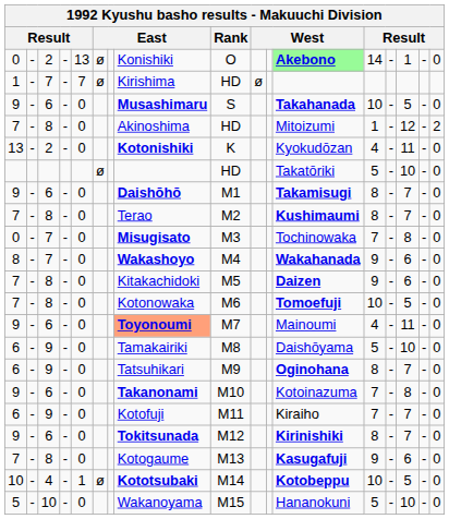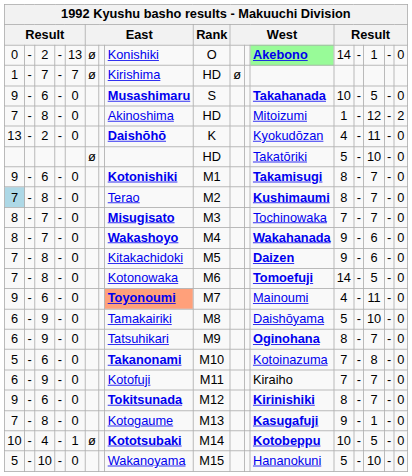 <table class="wikitable">
 <tr>
 <th colspan="17">1992 Kyushu basho results - Makuuchi Division</th>
 </tr>
 <tr>
 <th colspan="5">Result</th>
 <th colspan="3">East</th>
 <th>Rank</th>
 <th colspan="3">West</th>
 <th colspan="5">Result</th>
 </tr>
 <tr>
 <td align=center>0</td>
 <td align=center>-</td>
 <td align=center>2</td>
 <td align=center>-</td>
 <td align=center>13</td>
 <td align=center>ø</td>
 <td align=center></td>
 <td><a href='#'>Konishiki</a></td>
 <td align=center>O</td>
 <td align=center></td>
 <td align=center></td>
 <td style="background: PaleGreen;"><strong><a href='#'>Akebono</a></strong></td>
 <td align=center>14</td>
 <td align=center>-</td>
 <td align=center>1</td>
 <td align=center>-</td>
 <td align=center>0</td>
 </tr>
 <tr>
 <td align=center>1</td>
 <td align=center>-</td>
 <td align=center>7</td>
 <td align=center>-</td>
 <td align=center>7</td>
 <td align=center>ø</td>
 <td align=center></td>
 <td><a href='#'>Kirishima</a></td>
 <td align=center>HD</td>
 <td align=center>ø</td>
 <td align=center></td>
 <td></td>
 <td align=center></td>
 <td align=center></td>
 <td align=center></td>
 <td align=center></td>
 <td align=center></td>
 </tr>
 <tr>
 <td align=center>9</td>
 <td align=center>-</td>
 <td align=center>6</td>
 <td align=center>-</td>
 <td align=center>0</td>
 <td align=center></td>
 <td align=center></td>
 <td><strong><a href='#'>Musashimaru</a></strong></td>
 <td align=center>S</td>
 <td align=center></td>
 <td align=center></td>
 <td><strong><a href='#'>Takahanada</a></strong></td>
 <td align=center>10</td>
 <td align=center>-</td>
 <td align=center>5</td>
 <td align=center>-</td>
 <td align=center>0</td>
 </tr>
 <tr>
 <td align=center>7</td>
 <td align=center>-</td>
 <td align=center>8</td>
 <td align=center>-</td>
 <td align=center>0</td>
 <td align=center></td>
 <td align=center></td>
 <td><a href='#'>Akinoshima</a></td>
 <td align=center>HD</td>
 <td align=center></td>
 <td align=center></td>
 <td><a href='#'>Mitoizumi</a></td>
 <td align=center>1</td>
 <td align=center>-</td>
 <td align=center>12</td>
 <td align=center>-</td>
 <td align=center>2</td>
 </tr>
 <tr>
 <td align=center>13</td>
 <td align=center>-</td>
 <td align=center>2</td>
 <td align=center>-</td>
 <td align=center>0</td>
 <td align=center></td>
 <td align=center></td>
-<td><strong><a href='#'>Kotonishiki</a></strong></td>
+<td><strong><a href='#'>Daishōhō</a></strong></td>
 <td align=center>K</td>
 <td align=center></td>
 <td align=center></td>
 <td><a href='#'>Kyokudōzan</a></td>
 <td align=center>4</td>
 <td align=center>-</td>
 <td align=center>11</td>
 <td align=center>-</td>
 <td align=center>0</td>
 </tr>
 <tr>
 <td align=center></td>
 <td align=center></td>
 <td align=center></td>
 <td align=center></td>
 <td align=center></td>
 <td align=center>ø</td>
 <td align=center></td>
 <td></td>
 <td align=center>HD</td>
 <td align=center></td>
 <td align=center></td>
 <td><a href='#'>Takatōriki</a></td>
 <td align=center>5</td>
 <td align=center>-</td>
 <td align=center>10</td>
 <td align=center>-</td>
 <td align=center>0</td>
 </tr>
 <tr>
 <td align=center>9</td>
 <td align=center>-</td>
 <td align=center>6</td>
 <td align=center>-</td>
 <td align=center>0</td>
 <td align=center></td>
 <td align=center></td>
-<td><strong><a href='#'>Daishōhō</a></strong></td>
+<td><strong><a href='#'>Kotonishiki</a></strong></td>
 <td align=center>M1</td>
 <td align=center></td>
 <td align=center></td>
 <td><strong><a href='#'>Takamisugi</a></strong></td>
 <td align=center>8</td>
 <td align=center>-</td>
 <td align=center>7</td>
 <td align=center>-</td>
 <td align=center>0</td>
 </tr>
 <tr>
-<td align=center>7</td>
+<td align=center style="background: lightblue;">7</td>
 <td align=center>-</td>
 <td align=center>8</td>
 <td align=center>-</td>
 <td align=center>0</td>
 <td align=center></td>
 <td align=center></td>
 <td><a href='#'>Terao</a></td>
 <td align=center>M2</td>
 <td align=center></td>
 <td align=center></td>
 <td><strong><a href='#'>Kushimaumi</a></strong></td>
 <td align=center>8</td>
 <td align=center>-</td>
 <td align=center>7</td>
 <td align=center>-</td>
 <td align=center>0</td>
 </tr>
 <tr>
-<td align=center>0</td>
+<td align=center>8</td>
 <td align=center>-</td>
 <td align=center>7</td>
 <td align=center>-</td>
 <td align=center>0</td>
 <td align=center></td>
 <td align=center></td>
 <td><strong><a href='#'>Misugisato</a></strong></td>
 <td align=center>M3</td>
 <td align=center></td>
 <td align=center></td>
 <td><a href='#'>Tochinowaka</a></td>
 <td align=center>7</td>
 <td align=center>-</td>
-<td align=center>8</td>
+<td align=center>7</td>
 <td align=center>-</td>
 <td align=center>0</td>
 </tr>
 <tr>
 <td align=center>8</td>
 <td align=center>-</td>
 <td align=center>7</td>
 <td align=center>-</td>
 <td align=center>0</td>
 <td align=center></td>
 <td align=center></td>
 <td><strong><a href='#'>Wakashoyo</a></strong></td>
 <td align=center>M4</td>
 <td align=center></td>
 <td align=center></td>
 <td><strong><a href='#'>Wakahanada</a></strong></td>
 <td align=center>9</td>
 <td align=center>-</td>
 <td align=center>6</td>
 <td align=center>-</td>
 <td align=center>0</td>
 </tr>
 <tr>
 <td align=center>7</td>
 <td align=center>-</td>
 <td align=center>8</td>
 <td align=center>-</td>
 <td align=center>0</td>
 <td align=center></td>
 <td align=center></td>
 <td><a href='#'>Kitakachidoki</a></td>
 <td align=center>M5</td>
 <td align=center></td>
 <td align=center></td>
 <td><strong><a href='#'>Daizen</a></strong></td>
 <td align=center>9</td>
 <td align=center>-</td>
 <td align=center>6</td>
 <td align=center>-</td>
 <td align=center>0</td>
 </tr>
 <tr>
 <td align=center>7</td>
 <td align=center>-</td>
 <td align=center>8</td>
 <td align=center>-</td>
 <td align=center>0</td>
 <td align=center></td>
 <td align=center></td>
 <td><a href='#'>Kotonowaka</a></td>
 <td align=center>M6</td>
 <td align=center></td>
 <td align=center></td>
 <td><strong><a href='#'>Tomoefuji</a></strong></td>
-<td align=center>10</td>
+<td align=center>14</td>
 <td align=center>-</td>
 <td align=center>5</td>
 <td align=center>-</td>
 <td align=center>0</td>
 </tr>
 <tr>
 <td align=center>9</td>
 <td align=center>-</td>
 <td align=center>6</td>
 <td align=center>-</td>
 <td align=center>0</td>
 <td align=center></td>
 <td align=center></td>
 <td style="background: lightsalmon;"><strong><a href='#'>Toyonoumi</a></strong></td>
 <td align=center>M7</td>
 <td align=center></td>
 <td align=center></td>
 <td><a href='#'>Mainoumi</a></td>
 <td align=center>4</td>
 <td align=center>-</td>
 <td align=center>11</td>
 <td align=center>-</td>
 <td align=center>0</td>
 </tr>
 <tr>
 <td align=center>6</td>
 <td align=center>-</td>
 <td align=center>9</td>
 <td align=center>-</td>
 <td align=center>0</td>
 <td align=center></td>
 <td align=center></td>
 <td><a href='#'>Tamakairiki</a></td>
 <td align=center>M8</td>
 <td align=center></td>
 <td align=center></td>
 <td><a href='#'>Daishōyama</a></td>
 <td align=center>5</td>
 <td align=center>-</td>
 <td align=center>10</td>
 <td align=center>-</td>
 <td align=center>0</td>
 </tr>
 <tr>
 <td align=center>6</td>
 <td align=center>-</td>
 <td align=center>9</td>
 <td align=center>-</td>
 <td align=center>0</td>
 <td align=center></td>
 <td align=center></td>
 <td><a href='#'>Tatsuhikari</a></td>
 <td align=center>M9</td>
 <td align=center></td>
 <td align=center></td>
 <td><strong><a href='#'>Oginohana</a></strong></td>
 <td align=center>8</td>
 <td align=center>-</td>
 <td align=center>7</td>
 <td align=center>-</td>
 <td align=center>0</td>
 </tr>
 <tr>
-<td align=center>9</td>
+<td align=center>5</td>
 <td align=center>-</td>
 <td align=center>6</td>
 <td align=center>-</td>
 <td align=center>0</td>
 <td align=center></td>
 <td align=center></td>
 <td><strong><a href='#'>Takanonami</a></strong></td>
 <td align=center>M10</td>
 <td align=center></td>
 <td align=center></td>
 <td><a href='#'>Kotoinazuma</a></td>
 <td align=center>7</td>
 <td align=center>-</td>
 <td align=center>8</td>
 <td align=center>-</td>
 <td align=center>0</td>
 </tr>
 <tr>
 <td align=center>6</td>
 <td align=center>-</td>
 <td align=center>9</td>
 <td align=center>-</td>
 <td align=center>0</td>
 <td align=center></td>
 <td align=center></td>
 <td><a href='#'>Kotofuji</a></td>
 <td align=center>M11</td>
 <td align=center></td>
 <td align=center></td>
 <td>Kiraiho</td>
 <td align=center>7</td>
 <td align=center>-</td>
 <td align=center>7</td>
 <td align=center>-</td>
 <td align=center>0</td>
 </tr>
 <tr>
 <td align=center>9</td>
 <td align=center>-</td>
 <td align=center>6</td>
 <td align=center>-</td>
 <td align=center>0</td>
 <td align=center></td>
 <td align=center></td>
 <td><strong><a href='#'>Tokitsunada</a></strong></td>
 <td align=center>M12</td>
 <td align=center></td>
 <td align=center></td>
 <td><strong><a href='#'>Kirinishiki</a></strong></td>
 <td align=center>8</td>
 <td align=center>-</td>
 <td align=center>7</td>
 <td align=center>-</td>
 <td align=center>0</td>
 </tr>
 <tr>
 <td align=center>7</td>
 <td align=center>-</td>
 <td align=center>8</td>
 <td align=center>-</td>
 <td align=center>0</td>
 <td align=center></td>
 <td align=center></td>
 <td><a href='#'>Kotogaume</a></td>
 <td align=center>M13</td>
 <td align=center></td>
 <td align=center></td>
 <td><strong><a href='#'>Kasugafuji</a></strong></td>
 <td align=center>9</td>
 <td align=center>-</td>
-<td align=center>6</td>
+<td align=center>1</td>
 <td align=center>-</td>
 <td align=center>0</td>
 </tr>
 <tr>
 <td align=center>10</td>
 <td align=center>-</td>
 <td align=center>4</td>
 <td align=center>-</td>
 <td align=center>1</td>
 <td align=center>ø</td>
 <td align=center></td>
 <td><strong><a href='#'>Kototsubaki</a></strong></td>
 <td align=center>M14</td>
 <td align=center></td>
 <td align=center></td>
 <td><strong><a href='#'>Kotobeppu</a></strong></td>
 <td align=center>10</td>
 <td align=center>-</td>
 <td align=center>5</td>
 <td align=center>-</td>
 <td align=center>0</td>
 </tr>
 <tr>
 <td align=center>5</td>
 <td align=center>-</td>
 <td align=center>10</td>
 <td align=center>-</td>
 <td align=center>0</td>
 <td align=center></td>
 <td align=center></td>
 <td><a href='#'>Wakanoyama</a></td>
 <td align=center>M15</td>
 <td align=center></td>
 <td align=center></td>
 <td><a href='#'>Hananokuni</a></td>
 <td align=center>5</td>
 <td align=center>-</td>
 <td align=center>10</td>
 <td align=center>-</td>
 <td align=center>0</td>
 </tr>
 </table>
